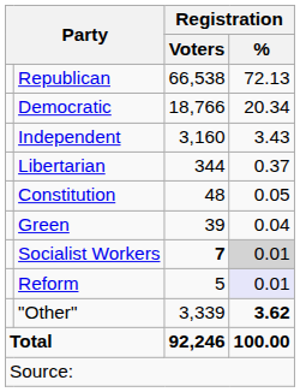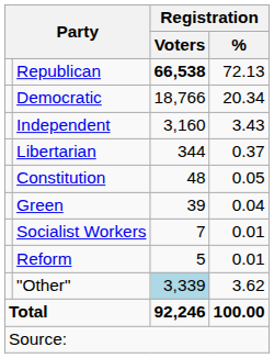 <table class="wikitable">
 <tr>
 <th colspan="2" rowspan="2">Party</th>
 <th colspan="2">Registration</th>
 </tr>
 <tr>
 <th>Voters</th>
 <th>%</th>
 </tr>
 <tr>
 <td style="background-color:"></td>
 <td><a href='#'>Republican</a></td>
-<td style="text-align:right;">66,538</td>
+<td style="text-align:right;"><strong>66,538</strong></td>
 <td style="text-align:right;">72.13</td>
 </tr>
 <tr>
 <td style="background-color:"></td>
 <td><a href='#'>Democratic</a></td>
 <td style="text-align:right;">18,766</td>
 <td style="text-align:right;">20.34</td>
 </tr>
 <tr>
 <td style="background-color:"></td>
 <td><a href='#'>Independent</a></td>
 <td style="text-align:right;">3,160</td>
 <td style="text-align:right;">3.43</td>
 </tr>
 <tr>
 <td style="background-color:"></td>
 <td><a href='#'>Libertarian</a></td>
 <td style="text-align:right;">344</td>
 <td style="text-align:right;">0.37</td>
 </tr>
 <tr>
 <td style="background-color:"></td>
 <td><a href='#'>Constitution</a></td>
 <td style="text-align:right;">48</td>
 <td style="text-align:right;">0.05</td>
 </tr>
 <tr>
 <td style="background-color:"></td>
 <td><a href='#'>Green</a></td>
 <td style="text-align:right;">39</td>
 <td style="text-align:right;">0.04</td>
 </tr>
 <tr>
 <td style="background-color:"></td>
 <td><a href='#'>Socialist Workers</a></td>
-<td style="text-align:right;"><strong>7</strong></td>
-<td style="background: lightgrey; text-align:right;">0.01</td>
+<td style="text-align:right;">7</td>
+<td style="text-align:right;">0.01</td>
 </tr>
 <tr>
 <td style="background-color:"></td>
 <td><a href='#'>Reform</a></td>
 <td style="text-align:right;">5</td>
-<td style="background: lavender; text-align:right;">0.01</td>
+<td style="text-align:right;">0.01</td>
 </tr>
 <tr>
 <td></td>
 <td>"Other"</td>
-<td style="text-align:right;">3,339</td>
-<td style="text-align:right;"><strong>3.62</strong></td>
+<td style="background: lightblue; text-align:right;">3,339</td>
+<td style="text-align:right;">3.62</td>
 </tr>
 <tr>
 <td colspan="2"><strong>Total</strong></td>
 <td style="text-align:right;"><strong>92,246</strong></td>
 <td style="text-align:right;"><strong>100.00</strong></td>
 </tr>
 <tr>
 <td colspan="4">Source: <em></em></td>
 </tr>
 </table>
